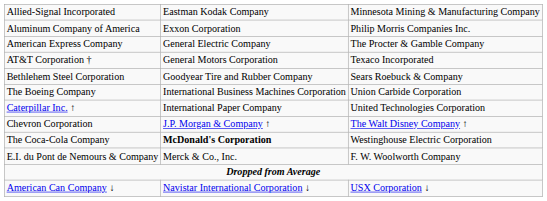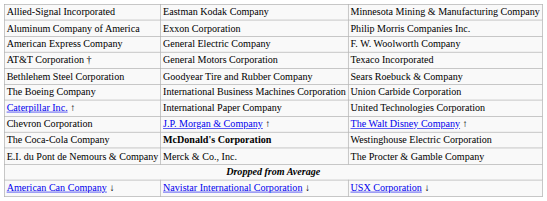 <table class="wikitable" border="1">
 <tr>
 <td>Allied-Signal Incorporated</td>
 <td>Eastman Kodak Company</td>
 <td>Minnesota Mining & Manufacturing Company</td>
 </tr>
 <tr>
 <td>Aluminum Company of America</td>
 <td>Exxon Corporation</td>
 <td>Philip Morris Companies Inc.</td>
 </tr>
 <tr>
 <td>American Express Company</td>
 <td>General Electric Company</td>
-<td>The Procter & Gamble Company</td>
+<td>F. W. Woolworth Company</td>
 </tr>
 <tr>
 <td>AT&T Corporation † <br></td>
 <td>General Motors Corporation</td>
 <td>Texaco Incorporated</td>
 </tr>
 <tr>
 <td>Bethlehem Steel Corporation</td>
 <td>Goodyear Tire and Rubber Company</td>
 <td>Sears Roebuck & Company</td>
 </tr>
 <tr>
 <td>The Boeing Company</td>
 <td>International Business Machines Corporation</td>
 <td>Union Carbide Corporation</td>
 </tr>
 <tr>
 <td><a href='#'>Caterpillar Inc.</a> ↑</td>
 <td>International Paper Company</td>
 <td>United Technologies Corporation</td>
 </tr>
 <tr>
 <td>Chevron Corporation</td>
 <td><a href='#'>J.P. Morgan & Company</a> ↑</td>
 <td><a href='#'>The Walt Disney Company</a> ↑</td>
 </tr>
 <tr>
 <td>The Coca-Cola Company</td>
 <td><strong>McDonald's Corporation</strong></td>
 <td>Westinghouse Electric Corporation</td>
 </tr>
 <tr>
 <td>E.I. du Pont de Nemours & Company</td>
 <td>Merck & Co., Inc.</td>
-<td>F. W. Woolworth Company</td>
+<td>The Procter & Gamble Company</td>
 </tr>
 <tr>
 <td colspan="3" align="center"><strong><em>Dropped from Average</em></strong></td>
 </tr>
 <tr>
 <td><a href='#'>American Can Company</a> ↓</td>
 <td><a href='#'>Navistar International Corporation</a> ↓</td>
 <td><a href='#'>USX Corporation</a> ↓</td>
 </tr>
 </table>
